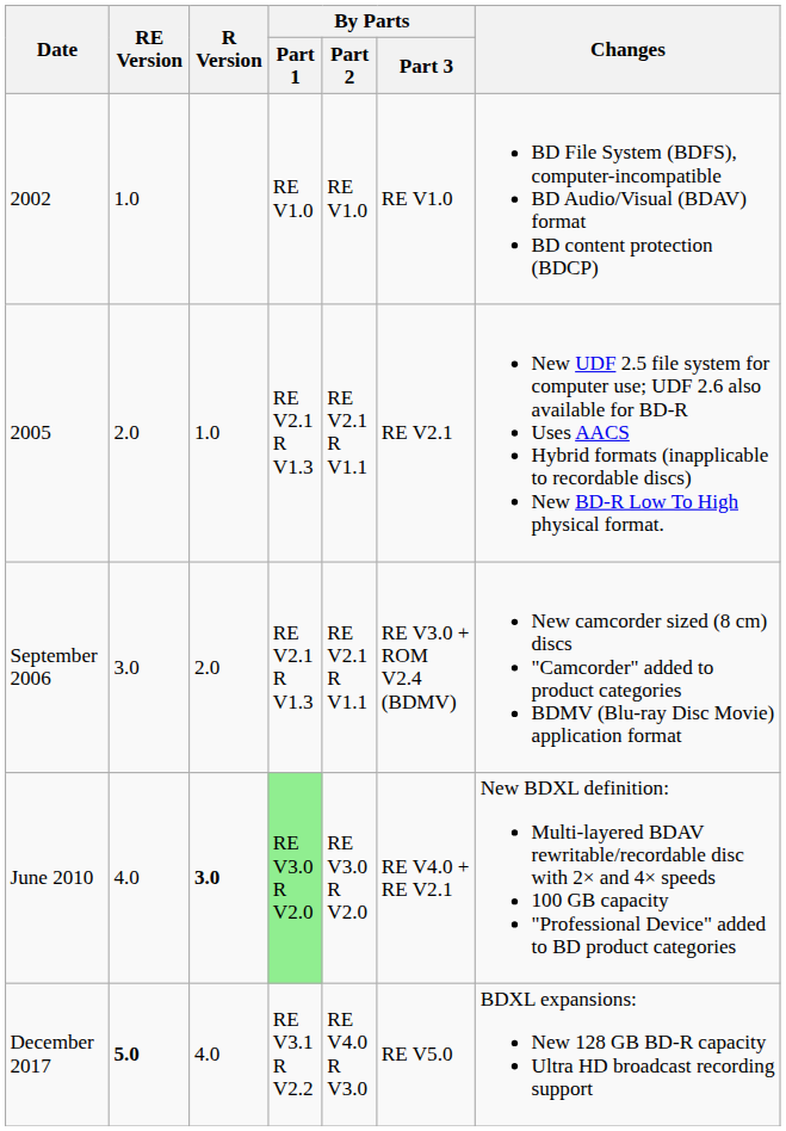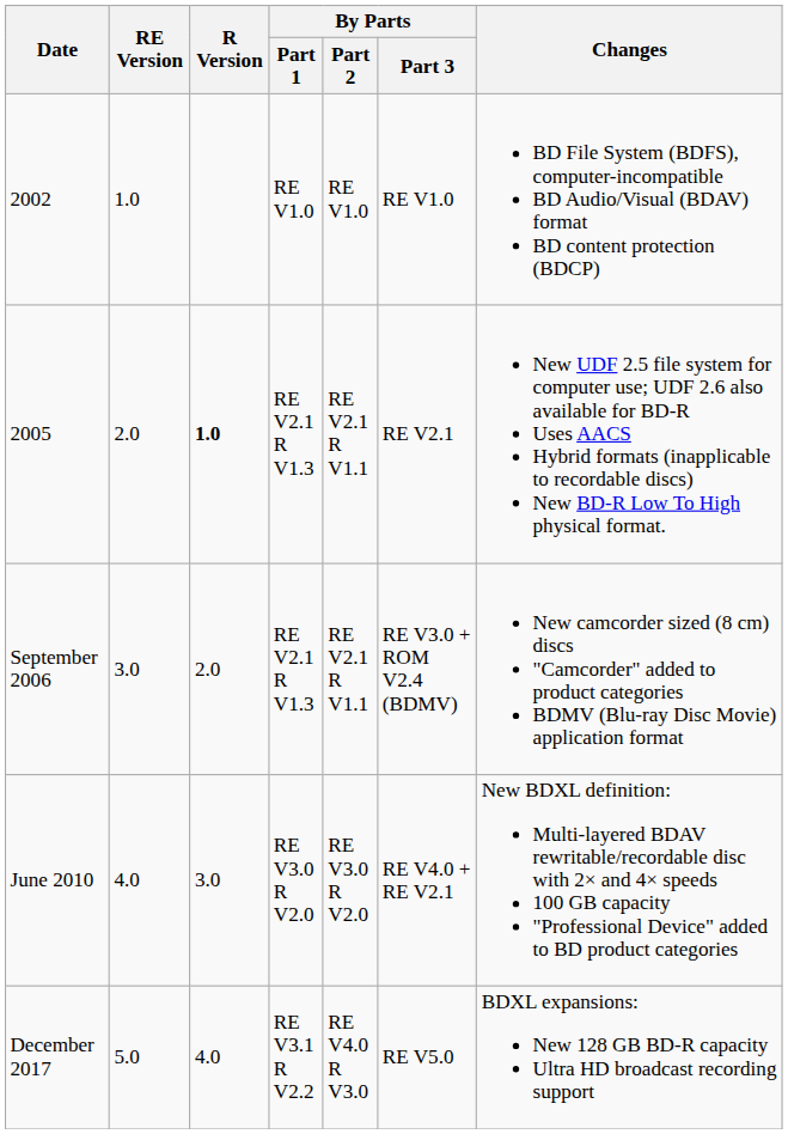 <table class="wikitable">
 <tr>
 <th rowspan="2">Date</th>
 <th rowspan="2">RE Version</th>
 <th rowspan="2">R Version</th>
 <th colspan=3>By Parts</th>
 <th rowspan="2">Changes</th>
 </tr>
 <tr>
 <th>Part 1</th>
 <th>Part 2</th>
 <th>Part 3</th>
 </tr>
 <tr>
 <td>2002</td>
 <td>1.0</td>
 <td></td>
 <td>RE V1.0</td>
 <td>RE V1.0</td>
 <td>RE V1.0</td>
 <td><br><ul><li>BD File System (BDFS), computer-incompatible</li><li>BD Audio/Visual (BDAV) format</li><li>BD content protection (BDCP) </li></ul></td>
 </tr>
 <tr>
 <td>2005</td>
 <td>2.0</td>
-<td>1.0</td>
+<td><strong>1.0</strong></td>
 <td>RE V2.1 <br> R V1.3</td>
 <td>RE V2.1 <br> R V1.1</td>
 <td>RE V2.1</td>
 <td><br><ul><li>New <a href='#'>UDF</a> 2.5 file system for computer use; UDF 2.6 also available for BD-R</li><li>Uses <a href='#'>AACS</a></li><li>Hybrid formats (inapplicable to recordable discs)</li><li>New <a href='#'>BD-R Low To High</a> physical format.</li></ul></td>
 </tr>
 <tr>
 <td>September 2006</td>
 <td>3.0</td>
 <td>2.0</td>
 <td>RE V2.1 <br> R V1.3</td>
 <td>RE V2.1 <br> R V1.1</td>
 <td>RE V3.0 +<br> ROM V2.4 (BDMV)</td>
 <td><br><ul><li>New camcorder sized (8 cm) discs</li><li>"Camcorder" added to product categories</li><li>BDMV (Blu-ray Disc Movie) application format</li></ul></td>
 </tr>
 <tr>
 <td>June 2010</td>
 <td>4.0</td>
-<td><strong>3.0</strong></td>
-<td style="background: lightgreen;">RE V3.0 <br> R V2.0</td>
+<td>3.0</td>
+<td>RE V3.0 <br> R V2.0</td>
 <td>RE V3.0 <br> R V2.0</td>
 <td>RE V4.0 +<br>RE V2.1</td>
 <td>New BDXL definition:<br><ul><li>Multi-layered BDAV rewritable/recordable disc with 2× and 4× speeds</li><li>100 GB capacity</li><li>"Professional Device" added to BD product categories</li></ul></td>
 </tr>
 <tr>
 <td>December 2017</td>
-<td><strong>5.0</strong></td>
+<td>5.0</td>
 <td>4.0</td>
 <td>RE V3.1 <br> R V2.2</td>
 <td>RE V4.0 <br> R V3.0</td>
 <td>RE V5.0</td>
 <td>BDXL expansions:<br><ul><li>New 128 GB BD-R capacity</li><li>Ultra HD broadcast recording support</li></ul></td>
 </tr>
 </table>
